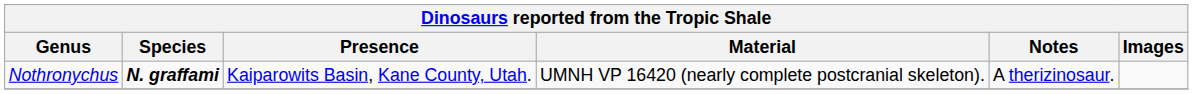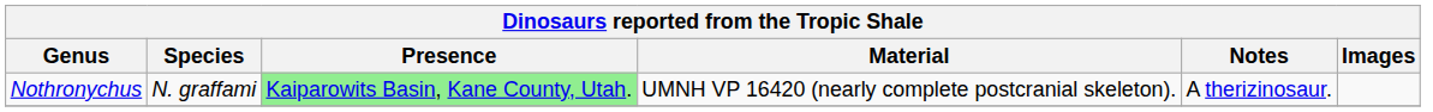 <table class="wikitable" align="center">
 <tr>
 <th colspan="6" align="center"><strong><a href='#'>Dinosaurs</a> reported from the Tropic Shale</strong></th>
 </tr>
 <tr>
 <th>Genus</th>
 <th>Species</th>
 <th>Presence</th>
 <th><strong>Material</strong></th>
 <th>Notes</th>
 <th>Images</th>
 </tr>
 <tr>
 <td><em><a href='#'>Nothronychus</a></em></td>
-<td><strong><em>N. graffami</em></strong></td>
-<td><a href='#'>Kaiparowits Basin</a>, <a href='#'>Kane County, Utah</a>.</td>
+<td><em>N. graffami</em></td>
+<td style="background: lightgreen;"><a href='#'>Kaiparowits Basin</a>, <a href='#'>Kane County, Utah</a>.</td>
 <td>UMNH VP 16420 (nearly complete postcranial skeleton).</td>
 <td>A <a href='#'>therizinosaur</a>.</td>
 <td></td>
 </tr>
 <tr>
 </tr>
 </table>
